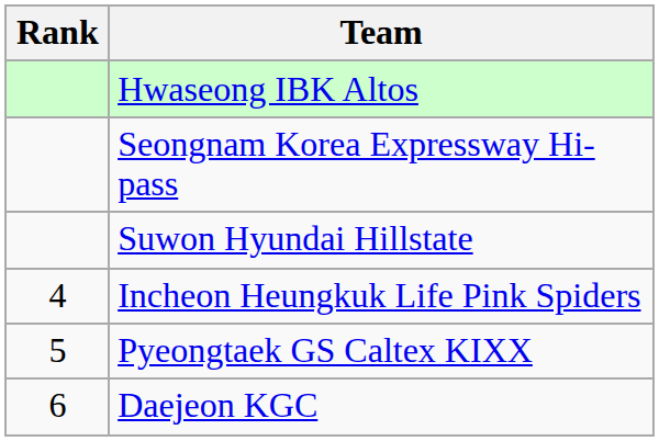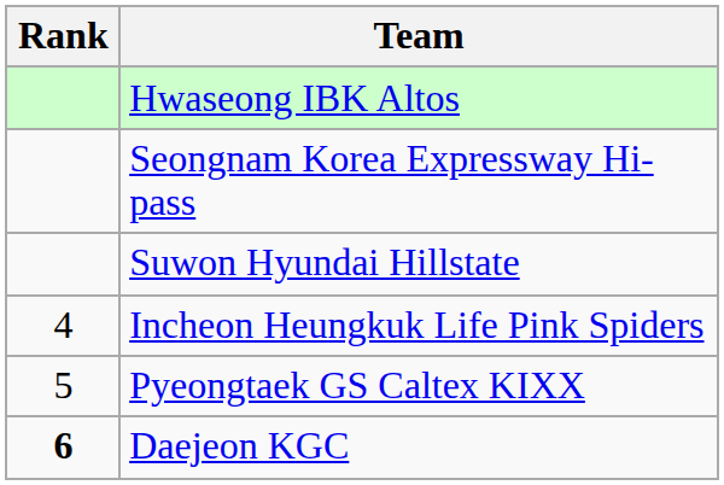 <table class="wikitable" style="text-align: center;">
 <tr>
 <th width=40>Rank</th>
 <th width=240>Team</th>
 </tr>
 <tr bgcolor=#ccffcc>
 <td></td>
 <td align=left><a href='#'>Hwaseong IBK Altos</a></td>
 </tr>
 <tr>
 <td></td>
 <td align=left><a href='#'>Seongnam Korea Expressway Hi-pass</a></td>
 </tr>
 <tr>
 <td></td>
 <td align=left><a href='#'>Suwon Hyundai Hillstate</a></td>
 </tr>
 <tr>
 <td>4</td>
 <td align=left><a href='#'>Incheon Heungkuk Life Pink Spiders</a></td>
 </tr>
 <tr>
 <td>5</td>
 <td align=left><a href='#'>Pyeongtaek GS Caltex KIXX</a></td>
 </tr>
 <tr>
-<td>6</td>
+<td><strong>6</strong></td>
 <td align=left><a href='#'>Daejeon KGC</a></td>
 </tr>
 <tr>
 </tr>
 </table>
